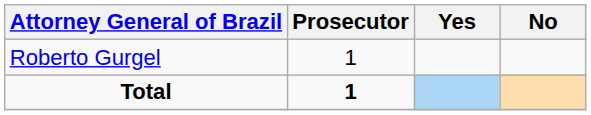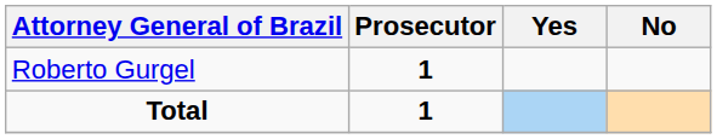 <table class="wikitable">
 <tr>
 <th><a href='#'>Attorney General of Brazil</a></th>
 <th width="55pt">Prosecutor</th>
 <th width="55pt">Yes</th>
 <th width="55pt">No</th>
 </tr>
 <tr>
 <td align="left"><a href='#'>Roberto Gurgel</a></td>
-<td align="center">1</td>
+<td align="center"><strong>1</strong></td>
 <td align="center"></td>
 <td align="center"></td>
 </tr>
 <tr>
 <td align="center"><strong>Total</strong></td>
 <td align="center"><strong>1</strong></td>
 <td align="center" bgcolor="#abd5f5"></td>
 <td align="center" bgcolor="#FFDEAD"></td>
 </tr>
 <tr>
 </tr>
 </table>
